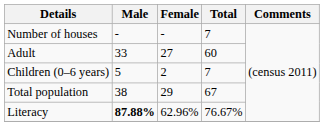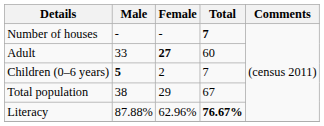 <table class="wikitable sortable">
 <tr>
 <th>Details</th>
 <th>Male</th>
 <th>Female</th>
 <th>Total</th>
 <th>Comments</th>
 </tr>
 <tr>
 <td>Number of houses</td>
 <td>-</td>
 <td>-</td>
-<td>7</td>
+<td><strong>7</strong></td>
 <td rowspan="5">(census 2011) </td>
 </tr>
 <tr>
 <td>Adult</td>
 <td>33</td>
-<td>27</td>
+<td><strong>27</strong></td>
 <td>60</td>
 </tr>
 <tr>
 <td>Children (0–6 years)</td>
-<td>5</td>
+<td><strong>5</strong></td>
 <td>2</td>
 <td>7</td>
 </tr>
 <tr>
 <td>Total population</td>
 <td>38</td>
 <td>29</td>
 <td>67</td>
 </tr>
 <tr>
 <td>Literacy</td>
-<td><strong>87.88%</strong></td>
+<td>87.88%</td>
 <td>62.96%</td>
-<td>76.67%</td>
+<td><strong>76.67%</strong></td>
 </tr>
 <tr>
 </tr>
 </table>
